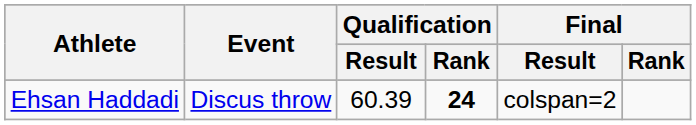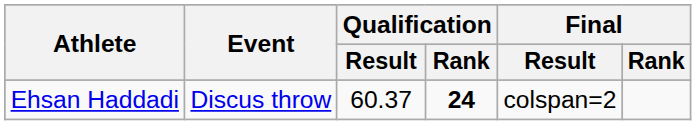 <table class="wikitable" style="font-size:90%">
 <tr>
 <th rowspan="2">Athlete</th>
 <th rowspan="2">Event</th>
 <th colspan="2">Qualification</th>
 <th colspan="2">Final</th>
 </tr>
 <tr style="font-size:95%">
 <th>Result</th>
 <th>Rank</th>
 <th>Result</th>
 <th>Rank</th>
 </tr>
 <tr style=text-align:center>
 <td style=text-align:left><a href='#'>Ehsan Haddadi</a></td>
 <td style=text-align:left><a href='#'>Discus throw</a></td>
-<td>60.39</td>
+<td>60.37</td>
 <td><strong>24</strong></td>
 <td>colspan=2 </td>
 </tr>
 </table>
